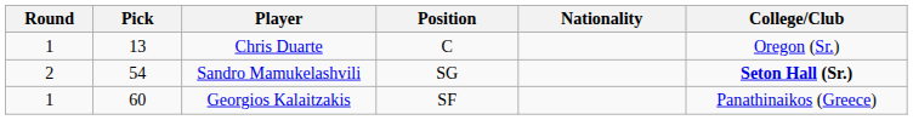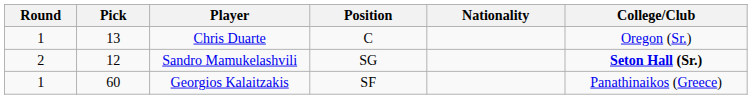 <table class="wikitable sortable sortable">
 <tr>
 <th width="75">Round</th>
 <th width="75">Pick</th>
 <th width="175">Player</th>
 <th width="125">Position</th>
 <th width="150">Nationality</th>
 <th width="200">College/Club</th>
 </tr>
 <tr style="text-align: center">
 <td>1</td>
 <td>13</td>
 <td><a href='#'>Chris Duarte</a></td>
 <td>C</td>
 <td></td>
 <td><a href='#'>Oregon</a> (<a href='#'>Sr.</a>)</td>
 </tr>
 <tr style="text-align: center">
 <td>2</td>
-<td>54</td>
+<td>12</td>
 <td><a href='#'>Sandro Mamukelashvili</a></td>
 <td>SG</td>
 <td></td>
 <td><strong><a href='#'>Seton Hall</a> (Sr.)</strong></td>
 </tr>
 <tr style="text-align: center">
 <td>1</td>
 <td>60</td>
 <td><a href='#'>Georgios Kalaitzakis</a></td>
 <td>SF</td>
 <td></td>
 <td><a href='#'>Panathinaikos</a> (<a href='#'>Greece</a>)</td>
 </tr>
 </table>
